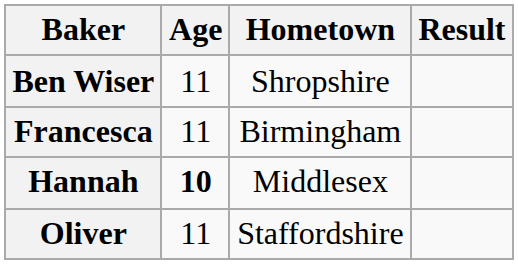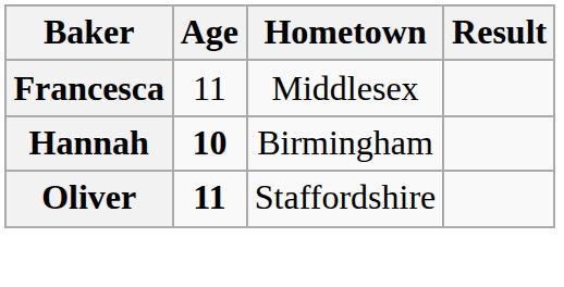 <table class="wikitable sortable" style="display:inline-table; text-align:center">
 <tr>
 <th scope="col">Baker</th>
 <th scope="col">Age</th>
 <th scope="col">Hometown</th>
 <th scope="col">Result</th>
 </tr>
 <tr>
-<th scope="row">Ben Wiser</th>
-<td>11</td>
-<td>Shropshire</td>
-<td></td>
-</tr>
-<tr>
 <th scope="row">Francesca</th>
 <td>11</td>
-<td>Birmingham</td>
+<td>Middlesex</td>
 <td></td>
 </tr>
 <tr>
 <th scope="row">Hannah</th>
 <td><strong>10</strong></td>
-<td>Middlesex</td>
+<td>Birmingham</td>
 <td></td>
 </tr>
 <tr>
 <th scope="row">Oliver</th>
-<td>11</td>
+<td><strong>11</strong></td>
 <td>Staffordshire</td>
 <td></td>
 </tr>
 </table>
